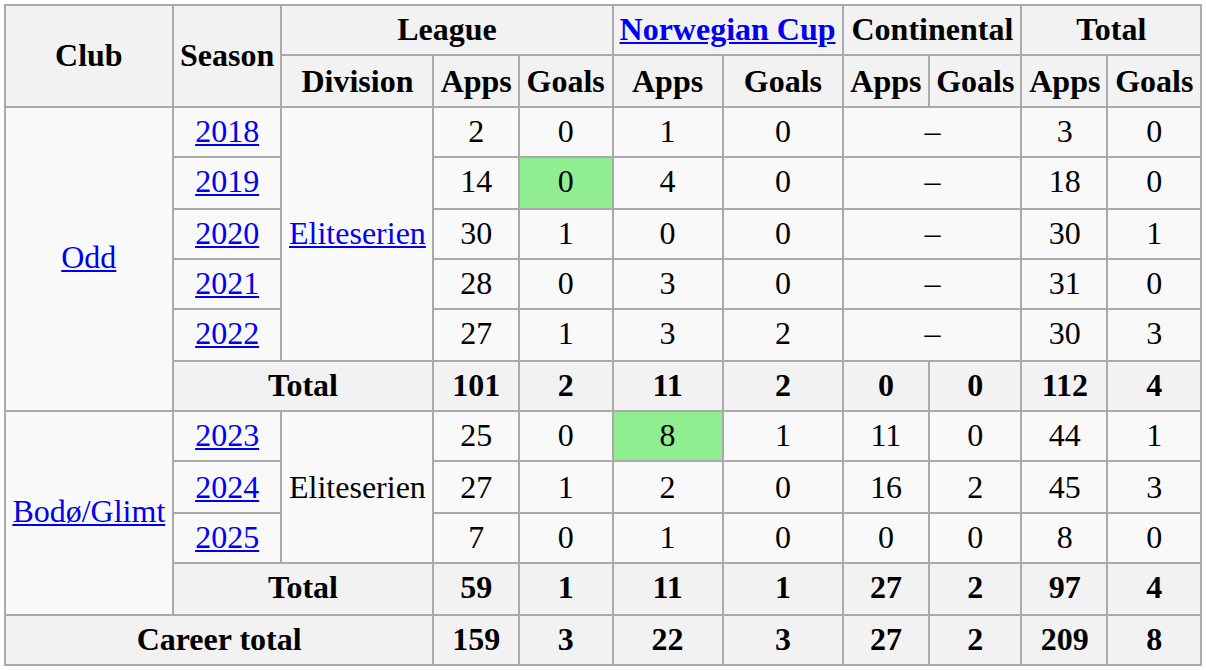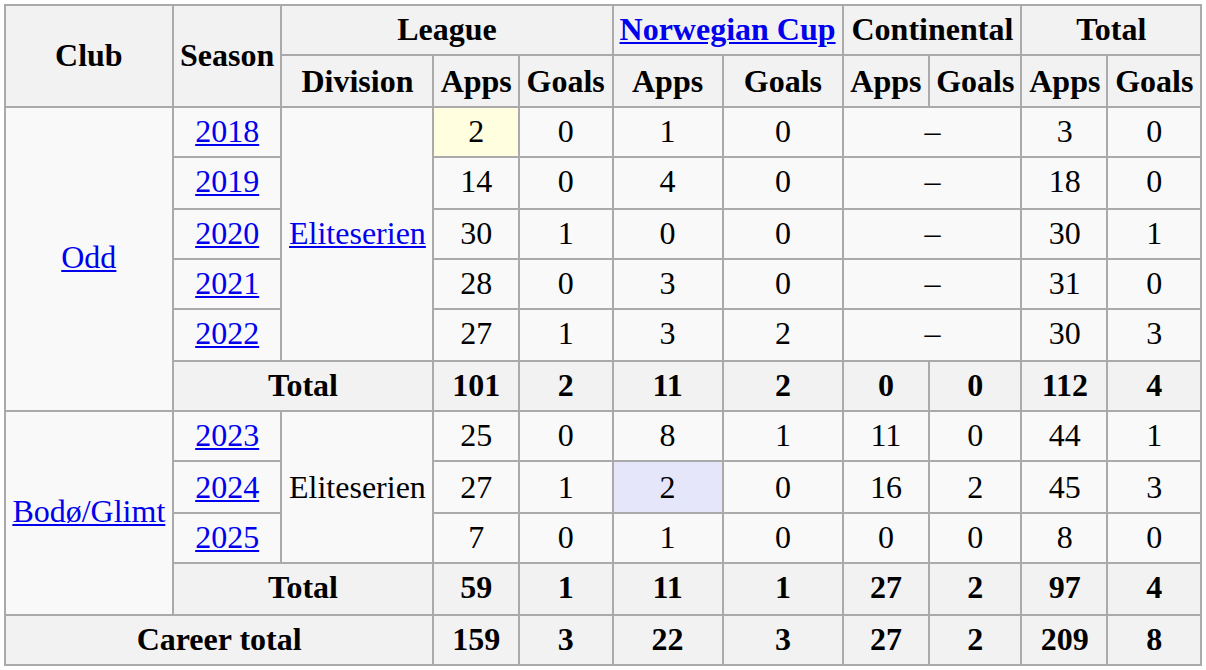 <table class="wikitable" style="text-align:center">
 <tr>
 <th rowspan="2">Club</th>
 <th rowspan="2">Season</th>
 <th colspan="3">League</th>
 <th colspan="2"><a href='#'>Norwegian Cup</a></th>
 <th colspan="2">Continental</th>
 <th colspan="2">Total</th>
 </tr>
 <tr>
 <th>Division</th>
 <th>Apps</th>
 <th>Goals</th>
 <th>Apps</th>
 <th>Goals</th>
 <th>Apps</th>
 <th>Goals</th>
 <th>Apps</th>
 <th>Goals</th>
 </tr>
 <tr>
 <td rowspan="6"><a href='#'>Odd</a></td>
 <td><a href='#'>2018</a></td>
 <td rowspan="5"><a href='#'>Eliteserien</a></td>
-<td>2</td>
+<td style="background: lightyellow;">2</td>
 <td>0</td>
 <td>1</td>
 <td>0</td>
 <td colspan="2">–</td>
 <td>3</td>
 <td>0</td>
 </tr>
 <tr>
 <td><a href='#'>2019</a></td>
 <td>14</td>
-<td style="background: lightgreen;">0</td>
+<td>0</td>
 <td>4</td>
 <td>0</td>
 <td colspan="2">–</td>
 <td>18</td>
 <td>0</td>
 </tr>
 <tr>
 <td><a href='#'>2020</a></td>
 <td>30</td>
 <td>1</td>
 <td>0</td>
 <td>0</td>
 <td colspan="2">–</td>
 <td>30</td>
 <td>1</td>
 </tr>
 <tr>
 <td><a href='#'>2021</a></td>
 <td>28</td>
 <td>0</td>
 <td>3</td>
 <td>0</td>
 <td colspan="2">–</td>
 <td>31</td>
 <td>0</td>
 </tr>
 <tr>
 <td><a href='#'>2022</a></td>
 <td>27</td>
 <td>1</td>
 <td>3</td>
 <td>2</td>
 <td colspan="2">–</td>
 <td>30</td>
 <td>3</td>
 </tr>
 <tr>
 <th colspan="2">Total</th>
 <th>101</th>
 <th>2</th>
 <th>11</th>
 <th>2</th>
 <th>0</th>
 <th>0</th>
 <th>112</th>
 <th>4</th>
 </tr>
 <tr>
 <td rowspan="4"><a href='#'>Bodø/Glimt</a></td>
 <td><a href='#'>2023</a></td>
 <td rowspan="3">Eliteserien</td>
 <td>25</td>
 <td>0</td>
-<td style="background: lightgreen;">8</td>
+<td>8</td>
 <td>1</td>
 <td>11</td>
 <td>0</td>
 <td>44</td>
 <td>1</td>
 </tr>
 <tr>
 <td><a href='#'>2024</a></td>
 <td>27</td>
 <td>1</td>
-<td>2</td>
+<td style="background: lavender;">2</td>
 <td>0</td>
 <td>16</td>
 <td>2</td>
 <td>45</td>
 <td>3</td>
 </tr>
 <tr>
 <td><a href='#'>2025</a></td>
 <td>7</td>
 <td>0</td>
 <td>1</td>
 <td>0</td>
 <td>0</td>
 <td>0</td>
 <td>8</td>
 <td>0</td>
 </tr>
 <tr>
 <th colspan="2">Total</th>
 <th>59</th>
 <th>1</th>
 <th>11</th>
 <th>1</th>
 <th>27</th>
 <th>2</th>
 <th>97</th>
 <th>4</th>
 </tr>
 <tr>
 <th colspan="3">Career total</th>
 <th>159</th>
 <th>3</th>
 <th>22</th>
 <th>3</th>
 <th>27</th>
 <th>2</th>
 <th>209</th>
 <th>8</th>
 </tr>
 </table>
